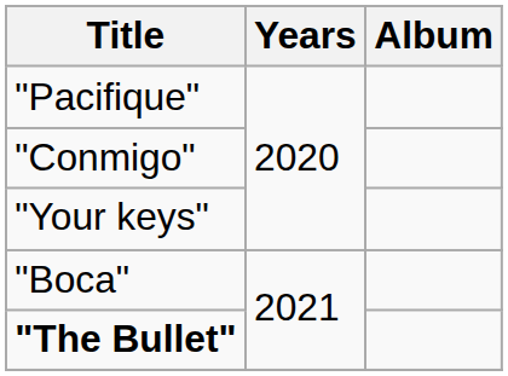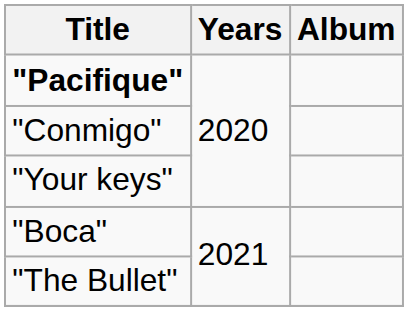 <table class="wikitable">
 <tr>
 <th>Title</th>
 <th>Years</th>
 <th>Album</th>
 </tr>
 <tr>
-<td>"Pacifique"</td>
+<td><strong>"Pacifique"</strong></td>
 <td rowspan="3">2020</td>
 <td><em></em></td>
 </tr>
 <tr>
 <td>"Conmigo"</td>
 <td><em></em></td>
 </tr>
 <tr>
 <td>"Your keys"</td>
 <td><em></em></td>
 </tr>
 <tr>
 <td>"Boca"</td>
 <td rowspan="2">2021</td>
 <td><em></em></td>
 </tr>
 <tr>
-<td><strong>"The Bullet"</strong></td>
+<td>"The Bullet"</td>
 <td><em></em></td>
 </tr>
 <tr>
 </tr>
 </table>
